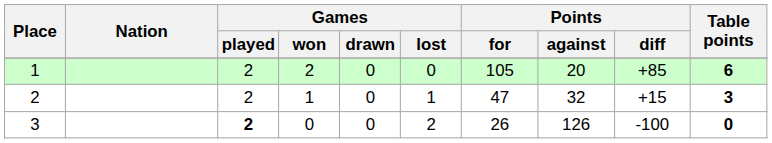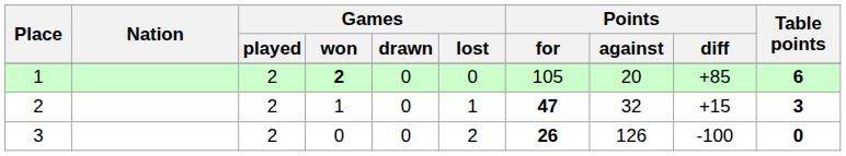 <table class="wikitable">
 <tr>
 <th rowspan=2 width="8%">Place</th>
 <th rowspan=2 width="20%">Nation</th>
 <th colspan=4 width="32%">Games</th>
 <th colspan=3 width="30%">Points</th>
 <th rowspan=2 width="10%">Table<br>points</th>
 </tr>
 <tr>
 <th width="8%">played</th>
 <th width="8%">won</th>
 <th width="8%">drawn</th>
 <th width="8%">lost</th>
 <th width="10%">for</th>
 <th width="10%">against</th>
 <th width="10%">diff</th>
 </tr>
 <tr>
 </tr>
 <tr bgcolor=#ccffcc align=center>
 <td>1</td>
 <td align=left></td>
 <td>2</td>
-<td>2</td>
+<td><strong>2</strong></td>
 <td>0</td>
 <td>0</td>
 <td>105</td>
 <td>20</td>
 <td>+85</td>
 <td><strong>6</strong></td>
 </tr>
 <tr bgcolor=#ffffff align=center>
 <td>2</td>
 <td align=left></td>
 <td>2</td>
 <td>1</td>
 <td>0</td>
 <td>1</td>
-<td>47</td>
+<td><strong>47</strong></td>
 <td>32</td>
 <td>+15</td>
 <td><strong>3</strong></td>
 </tr>
 <tr bgcolor=#ffffff align=center>
 <td>3</td>
 <td align=left></td>
-<td><strong>2</strong></td>
+<td>2</td>
 <td>0</td>
 <td>0</td>
 <td>2</td>
-<td>26</td>
+<td><strong>26</strong></td>
 <td>126</td>
 <td>-100</td>
 <td><strong>0</strong></td>
 </tr>
 </table>
